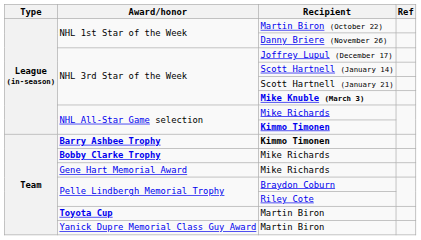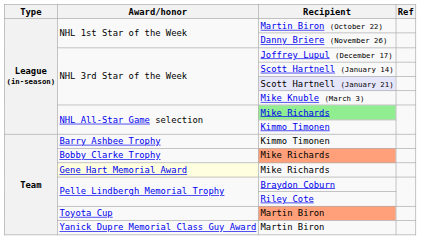 <table class="wikitable">
 <tr>
 <th scope="col">Type</th>
 <th scope="col">Award/honor</th>
 <th scope="col">Recipient</th>
 <th scope="col">Ref</th>
 </tr>
 <tr>
 <th scope="row" rowspan="8">League<br><small>(in-season)</small></th>
 <td rowspan="2">NHL 1st Star of the Week</td>
 <td><a href='#'>Martin Biron</a> <small>(October 22)</small></td>
 <td></td>
 </tr>
 <tr>
 <td><a href='#'>Danny Briere</a> <small>(November 26)</small></td>
 <td></td>
 </tr>
 <tr>
 <td rowspan="4">NHL 3rd Star of the Week</td>
 <td><a href='#'>Joffrey Lupul</a> <small>(December 17)</small></td>
 <td></td>
 </tr>
 <tr>
 <td><a href='#'>Scott Hartnell</a> <small>(January 14)</small></td>
 <td></td>
 </tr>
 <tr>
-<td>Scott Hartnell <small>(January 21)</small></td>
+<td style="background: lavender;">Scott Hartnell <small>(January 21)</small></td>
 <td></td>
 </tr>
 <tr>
-<td><strong><a href='#'>Mike Knuble</a> <small>(March 3)</small></strong></td>
+<td><a href='#'>Mike Knuble</a> <small>(March 3)</small></td>
 <td></td>
 </tr>
 <tr>
 <td rowspan="2"><a href='#'>NHL All-Star Game</a> selection</td>
-<td><a href='#'>Mike Richards</a></td>
+<td style="background: lightgreen;"><a href='#'>Mike Richards</a></td>
 <td rowspan="2"></td>
 </tr>
 <tr>
-<td><strong><a href='#'>Kimmo Timonen</a></strong></td>
+<td><a href='#'>Kimmo Timonen</a></td>
 </tr>
 <tr>
 <th scope="row" rowspan="7">Team</th>
-<td><strong><a href='#'>Barry Ashbee Trophy</a></strong></td>
-<td><strong>Kimmo Timonen</strong></td>
+<td><a href='#'>Barry Ashbee Trophy</a></td>
+<td>Kimmo Timonen</td>
 <td></td>
 </tr>
 <tr>
-<td><strong><a href='#'>Bobby Clarke Trophy</a></strong></td>
-<td>Mike Richards</td>
+<td><a href='#'>Bobby Clarke Trophy</a></td>
+<td style="background: lightsalmon;">Mike Richards</td>
 <td></td>
 </tr>
 <tr>
-<td><a href='#'>Gene Hart Memorial Award</a></td>
+<td style="background: lightyellow;"><a href='#'>Gene Hart Memorial Award</a></td>
 <td>Mike Richards</td>
 <td></td>
 </tr>
 <tr>
 <td rowspan="2"><a href='#'>Pelle Lindbergh Memorial Trophy</a></td>
 <td><a href='#'>Braydon Coburn</a></td>
 <td rowspan="2"></td>
 </tr>
 <tr>
 <td><a href='#'>Riley Cote</a></td>
 </tr>
 <tr>
-<td><strong><a href='#'>Toyota Cup</a></strong></td>
-<td>Martin Biron</td>
+<td><a href='#'>Toyota Cup</a></td>
+<td style="background: lightsalmon;">Martin Biron</td>
 <td></td>
 </tr>
 <tr>
 <td><a href='#'>Yanick Dupre Memorial Class Guy Award</a></td>
 <td>Martin Biron</td>
 <td></td>
 </tr>
 </table>
